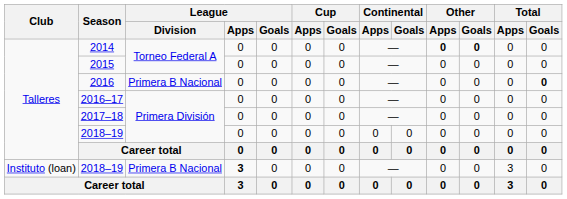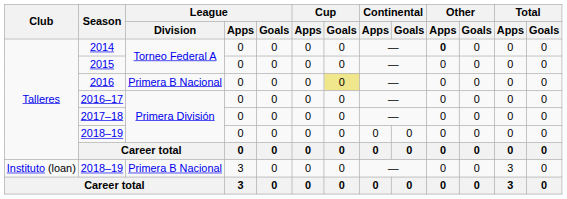 <table class="wikitable" style="text-align:center">
 <tr>
 <th rowspan="2">Club</th>
 <th rowspan="2">Season</th>
 <th colspan="3">League</th>
 <th colspan="2">Cup</th>
 <th colspan="2">Continental</th>
 <th colspan="2">Other</th>
 <th colspan="2">Total</th>
 </tr>
 <tr>
 <th>Division</th>
 <th>Apps</th>
 <th>Goals</th>
 <th>Apps</th>
 <th>Goals</th>
 <th>Apps</th>
 <th>Goals</th>
 <th>Apps</th>
 <th>Goals</th>
 <th>Apps</th>
 <th>Goals</th>
 </tr>
 <tr>
 <td rowspan="7"><a href='#'>Talleres</a></td>
 <td><a href='#'>2014</a></td>
 <td rowspan="2"><a href='#'>Torneo Federal A</a></td>
 <td>0</td>
 <td>0</td>
 <td>0</td>
 <td>0</td>
 <td colspan="2">—</td>
 <td><strong>0</strong></td>
-<td><strong>0</strong></td>
+<td>0</td>
 <td>0</td>
 <td>0</td>
 </tr>
 <tr>
 <td><a href='#'>2015</a></td>
 <td>0</td>
 <td>0</td>
 <td>0</td>
 <td>0</td>
 <td colspan="2">—</td>
 <td>0</td>
 <td>0</td>
 <td>0</td>
 <td>0</td>
 </tr>
 <tr>
 <td><a href='#'>2016</a></td>
 <td rowspan="1"><a href='#'>Primera B Nacional</a></td>
 <td>0</td>
 <td>0</td>
 <td>0</td>
-<td>0</td>
+<td style="background: khaki;">0</td>
 <td colspan="2">—</td>
 <td>0</td>
 <td>0</td>
 <td>0</td>
-<td><strong>0</strong></td>
+<td>0</td>
 </tr>
 <tr>
 <td><a href='#'>2016–17</a></td>
 <td rowspan="3"><a href='#'>Primera División</a></td>
 <td>0</td>
 <td>0</td>
 <td>0</td>
 <td>0</td>
 <td colspan="2">—</td>
 <td>0</td>
 <td>0</td>
 <td>0</td>
 <td>0</td>
 </tr>
 <tr>
 <td><a href='#'>2017–18</a></td>
 <td>0</td>
 <td>0</td>
 <td>0</td>
 <td>0</td>
 <td colspan="2">—</td>
 <td>0</td>
 <td>0</td>
 <td>0</td>
 <td>0</td>
 </tr>
 <tr>
 <td><a href='#'>2018–19</a></td>
 <td>0</td>
 <td>0</td>
 <td>0</td>
 <td>0</td>
 <td>0</td>
 <td>0</td>
 <td>0</td>
 <td>0</td>
 <td>0</td>
 <td>0</td>
 </tr>
 <tr>
 <th colspan="2">Career total</th>
 <th>0</th>
 <th>0</th>
 <th>0</th>
 <th>0</th>
 <th>0</th>
 <th>0</th>
 <th>0</th>
 <th>0</th>
 <th>0</th>
 <th>0</th>
 </tr>
 <tr>
 <td rowspan="1"><a href='#'>Instituto</a> (loan)</td>
 <td><a href='#'>2018–19</a></td>
 <td rowspan="1"><a href='#'>Primera B Nacional</a></td>
-<td><strong>3</strong></td>
+<td>3</td>
 <td>0</td>
 <td>0</td>
 <td>0</td>
 <td colspan="2">—</td>
 <td>0</td>
 <td>0</td>
 <td>3</td>
 <td>0</td>
 </tr>
 <tr>
 <th colspan="3">Career total</th>
 <th>3</th>
 <th>0</th>
 <th>0</th>
 <th>0</th>
 <th>0</th>
 <th>0</th>
 <th>0</th>
 <th>0</th>
 <th>3</th>
 <th>0</th>
 </tr>
 </table>
